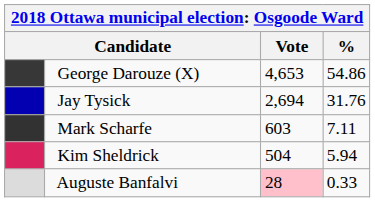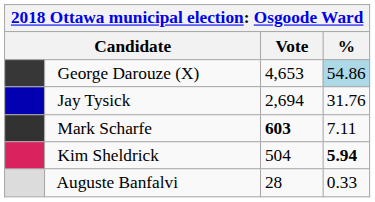 <table class="wikitable">
 <tr>
 <th colspan="4"><a href='#'>2018 Ottawa municipal election</a>: <a href='#'>Osgoode Ward</a></th>
 </tr>
 <tr>
 <th bgcolor="#DDDDFF" width="230px" colspan="2">Candidate</th>
 <th bgcolor="#DDDDFF" width="50px">Vote</th>
 <th bgcolor="#DDDDFF" width="30px">%</th>
 </tr>
 <tr>
 <td bgcolor=#373737 width="30px"> </td>
 <td>  George Darouze (X)</td>
 <td>4,653</td>
-<td>54.86</td>
+<td style="background: lightblue;">54.86</td>
 </tr>
 <tr>
 <td bgcolor=#0200B0 width="30px"> </td>
 <td>  Jay Tysick</td>
 <td>2,694</td>
 <td>31.76</td>
 </tr>
 <tr>
 <td bgcolor=#323232 width="30px"> </td>
 <td>  Mark Scharfe</td>
-<td>603</td>
+<td><strong>603</strong></td>
 <td>7.11</td>
 </tr>
 <tr>
 <td bgcolor=#DA225E width="30px"> </td>
 <td>  Kim Sheldrick</td>
 <td>504</td>
-<td>5.94</td>
+<td><strong>5.94</strong></td>
 </tr>
 <tr>
 <td bgcolor=#DCDCDC width="30px"> </td>
 <td>  Auguste Banfalvi</td>
-<td style="background: pink;">28</td>
+<td>28</td>
 <td>0.33</td>
 </tr>
 </table>
